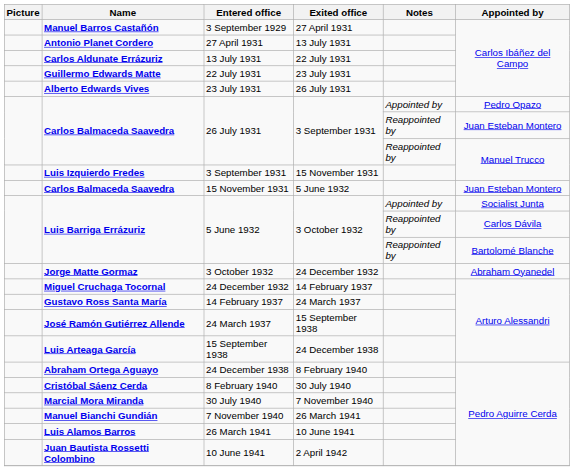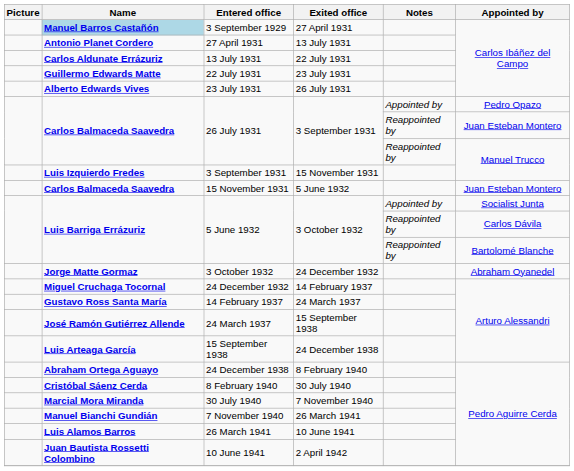 <table class="wikitable" style="margin:1em auto; font-size:95%;">
 <tr>
 <th>Picture</th>
 <th>Name</th>
 <th>Entered office</th>
 <th>Exited office</th>
 <th>Notes</th>
 <th>Appointed by</th>
 </tr>
 <tr>
 <td></td>
-<td><strong><a href='#'>Manuel Barros Castañón</a></strong></td>
+<td style="background: lightblue;"><strong><a href='#'>Manuel Barros Castañón</a></strong></td>
 <td>3 September 1929</td>
 <td>27 April 1931</td>
 <td></td>
 <td rowspan=5 align=center><a href='#'>Carlos Ibáñez del Campo</a></td>
 </tr>
 <tr>
 <td></td>
 <td><strong><a href='#'>Antonio Planet Cordero</a></strong></td>
 <td>27 April 1931</td>
 <td>13 July 1931</td>
 <td></td>
 </tr>
 <tr>
 <td></td>
 <td><strong><a href='#'>Carlos Aldunate Errázuriz</a></strong></td>
 <td>13 July 1931</td>
 <td>22 July 1931</td>
 <td></td>
 </tr>
 <tr>
 <td></td>
 <td><strong><a href='#'>Guillermo Edwards Matte</a></strong></td>
 <td>22 July 1931</td>
 <td>23 July 1931</td>
 <td></td>
 </tr>
 <tr>
 <td></td>
 <td><strong><a href='#'>Alberto Edwards Vives</a></strong></td>
 <td>23 July 1931</td>
 <td>26 July 1931</td>
 <td></td>
 </tr>
 <tr>
 <td rowspan=3></td>
 <td rowspan=3 align=left><strong><a href='#'>Carlos Balmaceda Saavedra</a></strong></td>
 <td rowspan=3 align=left>26 July 1931</td>
 <td rowspan=3 align=left>3 September 1931</td>
 <td><em>Appointed by</em></td>
 <td align=center><a href='#'>Pedro Opazo</a></td>
 </tr>
 <tr>
 <td><em>Reappointed by</em></td>
 <td align=center><a href='#'>Juan Esteban Montero</a></td>
 </tr>
 <tr>
 <td><em>Reappointed by</em></td>
 <td rowspan=2  align=center><a href='#'>Manuel Trucco</a></td>
 </tr>
 <tr>
 <td></td>
 <td><strong><a href='#'>Luis Izquierdo Fredes</a></strong></td>
 <td>3 September 1931</td>
 <td>15 November 1931</td>
 <td></td>
 </tr>
 <tr>
 <td></td>
 <td><strong><a href='#'>Carlos Balmaceda Saavedra</a></strong></td>
 <td>15 November 1931</td>
 <td>5 June 1932</td>
 <td></td>
 <td align=center><a href='#'>Juan Esteban Montero</a></td>
 </tr>
 <tr>
 <td rowspan=3></td>
 <td rowspan=3 align=left><strong><a href='#'>Luis Barriga Errázuriz</a></strong></td>
 <td rowspan=3 align=left>5 June 1932</td>
 <td rowspan=3 align=left>3 October 1932</td>
 <td><em>Appointed by</em></td>
 <td align=center><a href='#'>Socialist Junta</a></td>
 </tr>
 <tr>
 <td><em>Reappointed by</em></td>
 <td align=center><a href='#'>Carlos Dávila</a></td>
 </tr>
 <tr>
 <td><em>Reappointed by</em></td>
 <td align=center><a href='#'>Bartolomé Blanche</a></td>
 </tr>
 <tr>
 <td></td>
 <td><strong><a href='#'>Jorge Matte Gormaz</a></strong></td>
 <td>3 October 1932</td>
 <td>24 December 1932</td>
 <td></td>
 <td align=center><a href='#'>Abraham Oyanedel</a></td>
 </tr>
 <tr>
 <td></td>
 <td><strong><a href='#'>Miguel Cruchaga Tocornal</a></strong></td>
 <td>24 December 1932</td>
 <td>14 February 1937</td>
 <td></td>
 <td rowspan=4 align=center><a href='#'>Arturo Alessandri</a></td>
 </tr>
 <tr>
 <td></td>
 <td><strong><a href='#'>Gustavo Ross Santa María</a></strong></td>
 <td>14 February 1937</td>
 <td>24 March 1937</td>
 <td></td>
 </tr>
 <tr>
 <td></td>
 <td><strong><a href='#'>José Ramón Gutiérrez Allende</a></strong></td>
 <td>24 March 1937</td>
 <td>15 September 1938</td>
 <td></td>
 </tr>
 <tr>
 <td></td>
 <td><strong><a href='#'>Luis Arteaga García</a></strong></td>
 <td>15 September 1938</td>
 <td>24 December 1938</td>
 <td></td>
 </tr>
 <tr>
 <td></td>
 <td><strong><a href='#'>Abraham Ortega Aguayo</a></strong></td>
 <td>24 December 1938</td>
 <td>8 February 1940</td>
 <td></td>
 <td rowspan=6 align=center><a href='#'>Pedro Aguirre Cerda</a></td>
 </tr>
 <tr>
 <td></td>
 <td><strong><a href='#'>Cristóbal Sáenz Cerda</a></strong></td>
 <td>8 February 1940</td>
 <td>30 July 1940</td>
 <td></td>
 </tr>
 <tr>
 <td></td>
 <td><strong><a href='#'>Marcial Mora Miranda</a></strong></td>
 <td>30 July 1940</td>
 <td>7 November 1940</td>
 <td></td>
 </tr>
 <tr>
 <td></td>
 <td><strong><a href='#'>Manuel Bianchi Gundián</a></strong></td>
 <td>7 November 1940</td>
 <td>26 March 1941</td>
 <td></td>
 </tr>
 <tr>
 <td></td>
 <td><strong><a href='#'>Luis Alamos Barros</a></strong></td>
 <td>26 March 1941</td>
 <td>10 June 1941</td>
 <td></td>
 </tr>
 <tr>
 <td></td>
 <td><strong><a href='#'>Juan Bautista Rossetti Colombino</a></strong></td>
 <td>10 June 1941</td>
 <td>2 April 1942</td>
 <td></td>
 </tr>
 <tr>
 </tr>
 </table>
